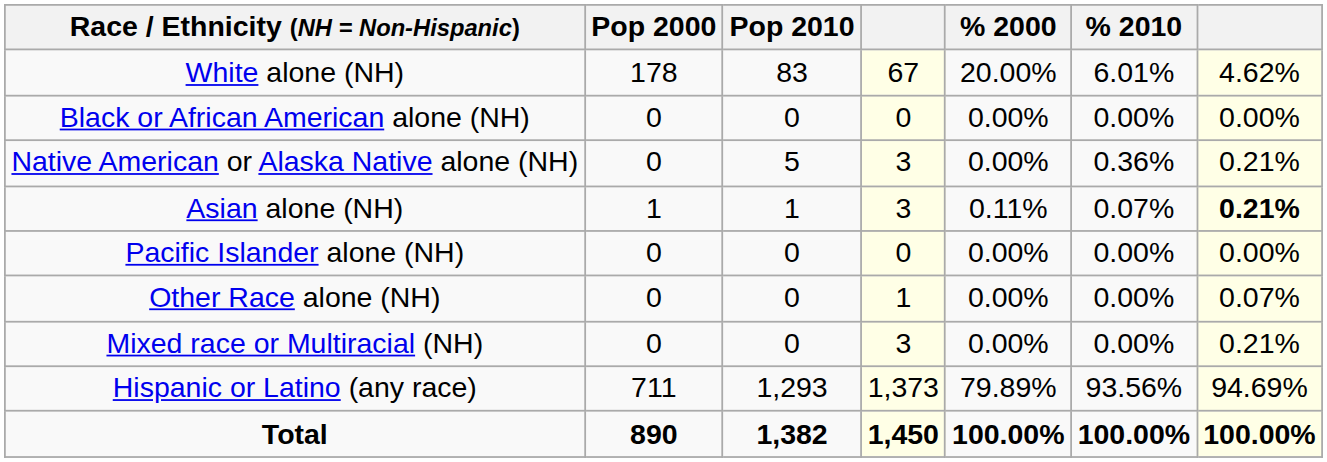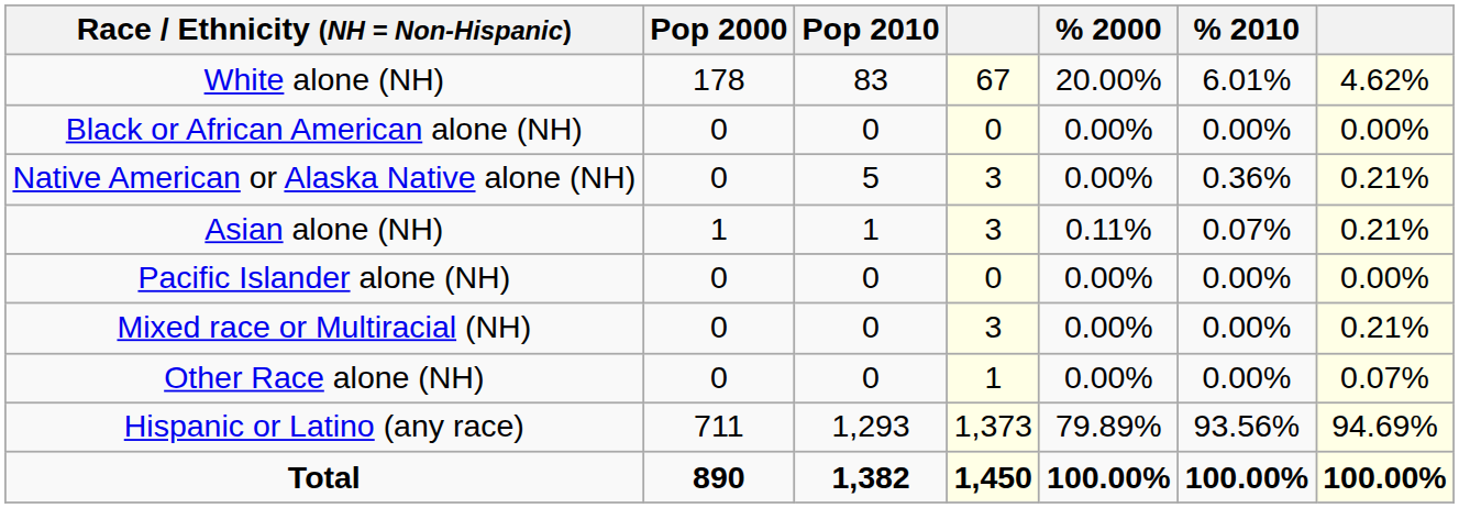 <table class="wikitable" style="text-align:center;">
 <tr>
 <th>Race / Ethnicity <small>(<em>NH = Non-Hispanic</em>)</small></th>
 <th>Pop 2000</th>
 <th>Pop 2010</th>
 <th></th>
 <th>% 2000</th>
 <th>% 2010</th>
 <th></th>
 </tr>
 <tr>
 <td><a href='#'>White</a> alone (NH)</td>
 <td>178</td>
 <td>83</td>
 <td style='background: #ffffe6;'>67</td>
 <td>20.00%</td>
 <td>6.01%</td>
 <td style='background: #ffffe6;'>4.62%</td>
 </tr>
 <tr>
 <td><a href='#'>Black or African American</a> alone (NH)</td>
 <td>0</td>
 <td>0</td>
 <td style='background: #ffffe6;'>0</td>
 <td>0.00%</td>
 <td>0.00%</td>
 <td style='background: #ffffe6;'>0.00%</td>
 </tr>
 <tr>
 <td><a href='#'>Native American</a> or <a href='#'>Alaska Native</a> alone (NH)</td>
 <td>0</td>
 <td>5</td>
 <td style='background: #ffffe6;'>3</td>
 <td>0.00%</td>
 <td>0.36%</td>
 <td style='background: #ffffe6;'>0.21%</td>
 </tr>
 <tr>
 <td><a href='#'>Asian</a> alone (NH)</td>
 <td>1</td>
 <td>1</td>
 <td style='background: #ffffe6;'>3</td>
 <td>0.11%</td>
 <td>0.07%</td>
-<td style='background: #ffffe6;'><strong>0.21%</strong></td>
+<td style='background: #ffffe6;'>0.21%</td>
 </tr>
 <tr>
 <td><a href='#'>Pacific Islander</a> alone (NH)</td>
 <td>0</td>
 <td>0</td>
 <td style='background: #ffffe6;'>0</td>
 <td>0.00%</td>
 <td>0.00%</td>
 <td style='background: #ffffe6;'>0.00%</td>
 </tr>
 <tr>
+<td><a href='#'>Mixed race or Multiracial</a> (NH)</td>
+<td>0</td>
+<td>0</td>
+<td style='background: #ffffe6;'>3</td>
+<td>0.00%</td>
+<td>0.00%</td>
+<td style='background: #ffffe6;'>0.21%</td>
+</tr>
+<tr>
 <td><a href='#'>Other Race</a> alone (NH)</td>
 <td>0</td>
 <td>0</td>
 <td style='background: #ffffe6;'>1</td>
 <td>0.00%</td>
 <td>0.00%</td>
 <td style='background: #ffffe6;'>0.07%</td>
-</tr>
-<tr>
-<td><a href='#'>Mixed race or Multiracial</a> (NH)</td>
-<td>0</td>
-<td>0</td>
-<td style='background: #ffffe6;'>3</td>
-<td>0.00%</td>
-<td>0.00%</td>
-<td style='background: #ffffe6;'>0.21%</td>
 </tr>
 <tr>
 <td><a href='#'>Hispanic or Latino</a> (any race)</td>
 <td>711</td>
 <td>1,293</td>
 <td style='background: #ffffe6;'>1,373</td>
 <td>79.89%</td>
 <td>93.56%</td>
 <td style='background: #ffffe6;'>94.69%</td>
 </tr>
 <tr>
 <td><strong>Total</strong></td>
 <td><strong>890</strong></td>
 <td><strong>1,382</strong></td>
 <td style='background: #ffffe6;'><strong>1,450</strong></td>
 <td><strong>100.00%</strong></td>
 <td><strong>100.00%</strong></td>
 <td style='background: #ffffe6;'><strong>100.00%</strong></td>
 </tr>
 </table>
